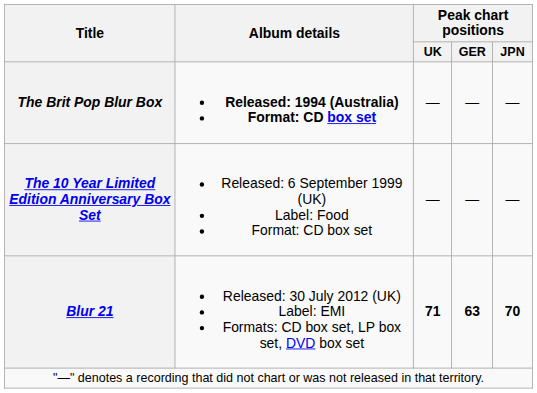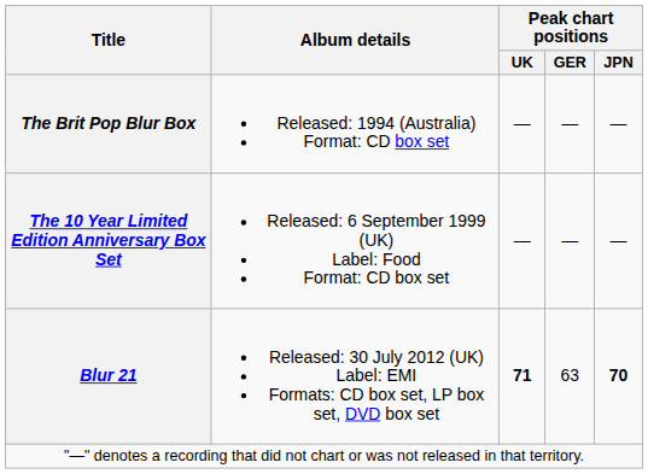 <table class="wikitable plainrowheaders" style="text-align:center;">
 <tr>
 <th scope="col" rowspan="2" style="width:14em;">Title</th>
 <th scope="col" rowspan="2" style="width:20em;">Album details</th>
 <th scope="col" colspan="3">Peak chart positions</th>
 </tr>
 <tr>
 <th scope="col" style="width:3em;font-size:90%;">UK<br></th>
 <th scope="col" style="width:3em;font-size:90%;">GER<br></th>
 <th scope="col" style="width:3em;font-size:90%;">JPN<br></th>
 </tr>
 <tr>
 <th scope="row"><em>The Brit Pop Blur Box</em></th>
-<td><strong><br><ul><li>Released: 1994 <span>(Australia)</span></li><li>Format: CD <a href='#'>box set</a></li></ul></strong></td>
+<td><br><ul><li>Released: 1994 <span>(Australia)</span></li><li>Format: CD <a href='#'>box set</a></li></ul></td>
 <td>—</td>
 <td>—</td>
 <td>—</td>
 </tr>
 <tr>
 <th scope="row"><em><a href='#'>The 10 Year Limited Edition Anniversary Box Set</a></em></th>
 <td><br><ul><li>Released: 6 September 1999 <span>(UK)</span></li><li>Label: Food</li><li>Format: CD box set</li></ul></td>
 <td>—</td>
 <td>—</td>
 <td>—</td>
 </tr>
 <tr>
 <th scope="row"><em><a href='#'>Blur 21</a></em></th>
 <td><br><ul><li>Released: 30 July 2012 <span>(UK)</span></li><li>Label: EMI</li><li>Formats: CD box set, LP box set, <a href='#'>DVD</a> box set</li></ul></td>
 <td><strong>71</strong></td>
-<td><strong>63</strong></td>
+<td>63</td>
 <td><strong>70</strong></td>
 </tr>
 <tr>
 <td colspan="14" style="font-size:90%">"—" denotes a recording that did not chart or was not released in that territory.</td>
 </tr>
 </table>
